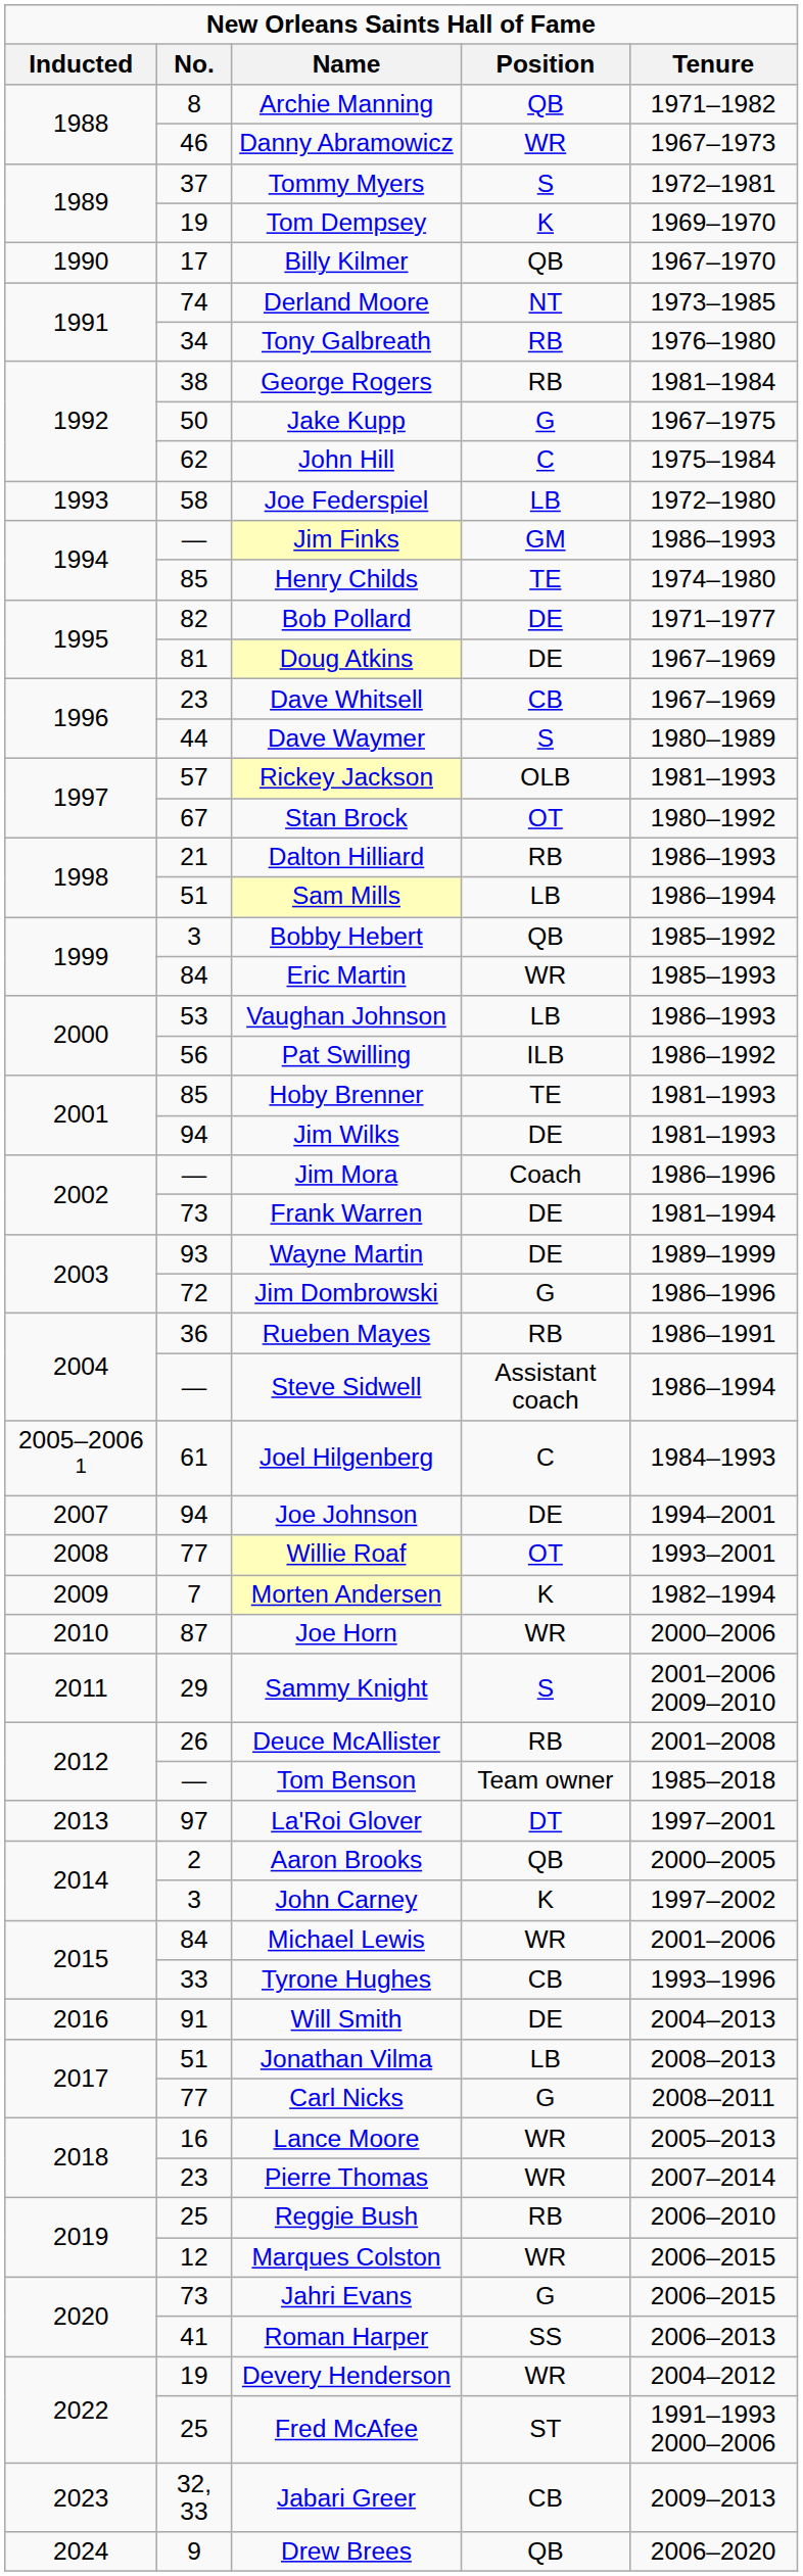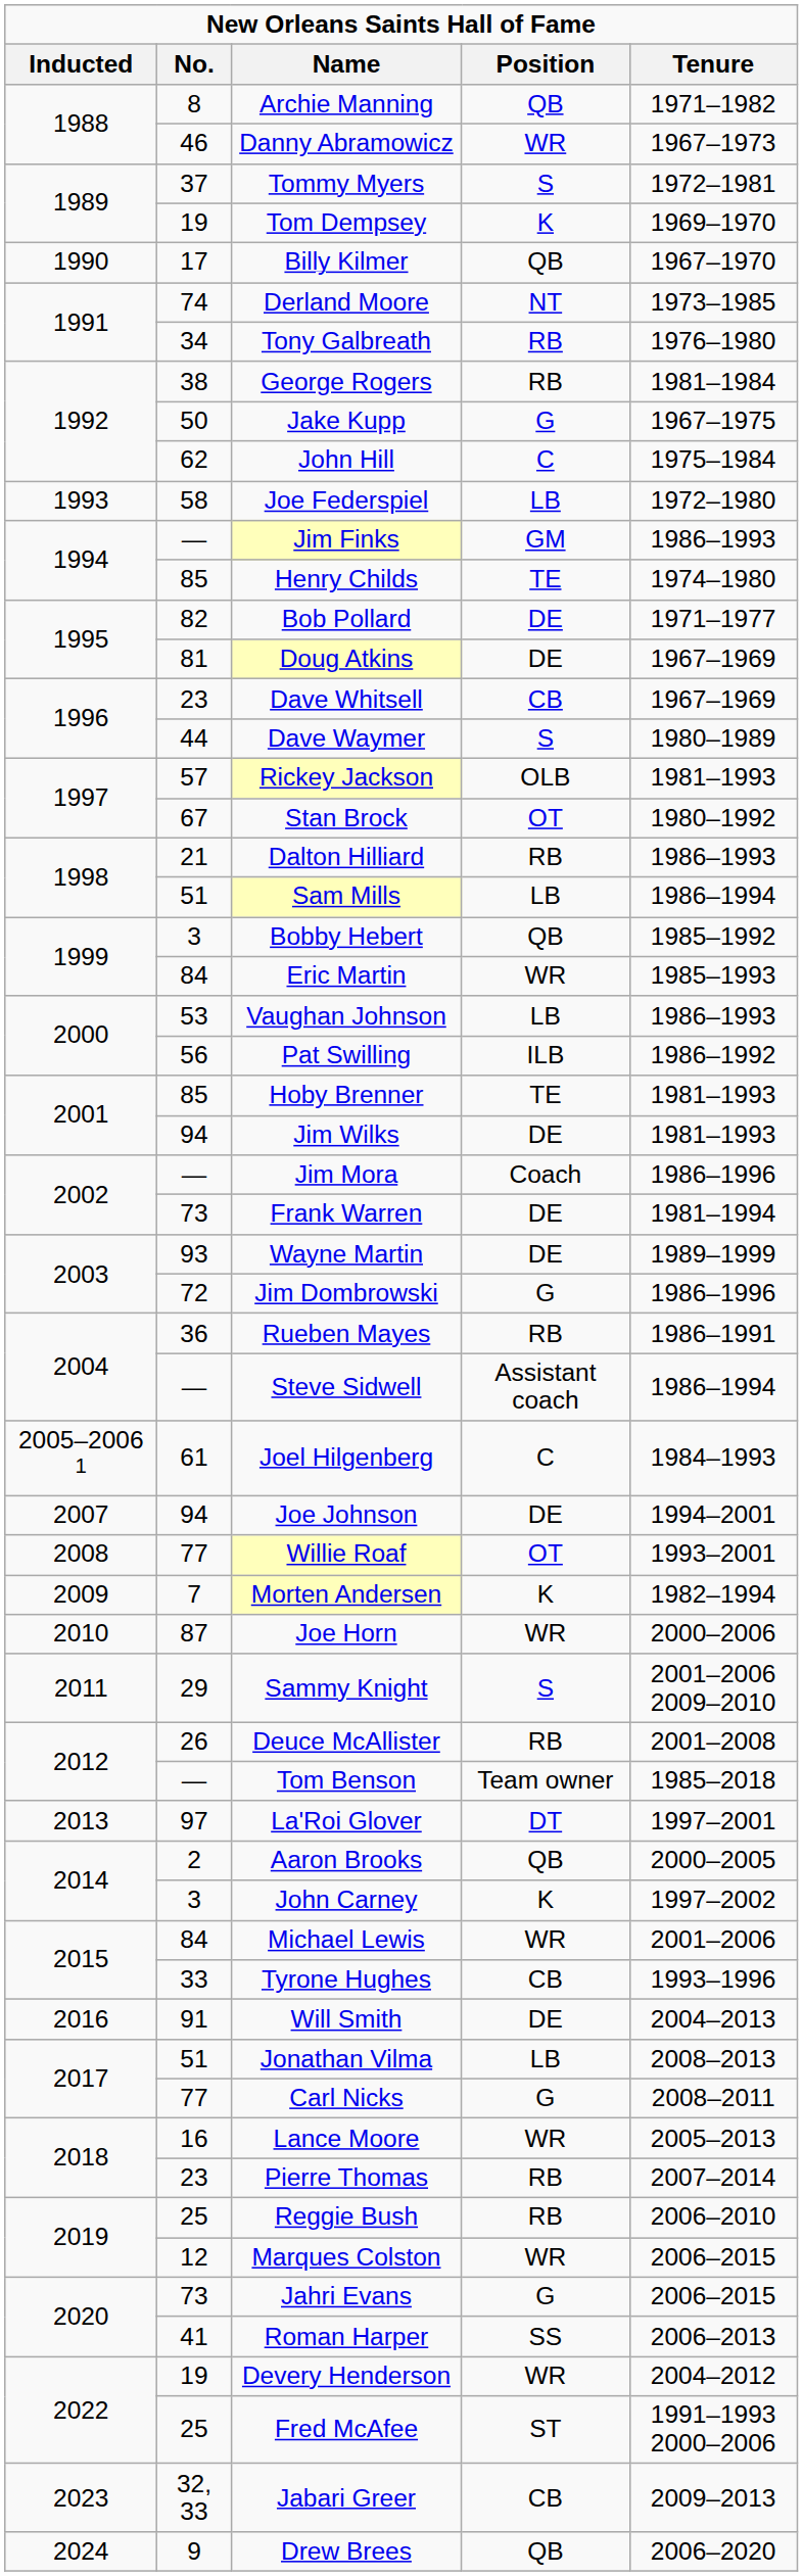 <table class="wikitable" style="text-align:center">
 <tr>
 <td colspan="5"><strong>New Orleans Saints Hall of Fame</strong></td>
 </tr>
 <tr>
 <th width="90">Inducted</th>
 <th width="40">No.</th>
 <th width="140">Name</th>
 <th width="100">Position</th>
 <th width="100">Tenure</th>
 </tr>
 <tr>
 <td rowspan=2>1988</td>
 <td>8</td>
 <td><a href='#'>Archie Manning</a></td>
 <td><a href='#'>QB</a></td>
 <td>1971–1982</td>
 </tr>
 <tr>
 <td>46</td>
 <td><a href='#'>Danny Abramowicz</a></td>
 <td><a href='#'>WR</a></td>
 <td>1967–1973</td>
 </tr>
 <tr>
 <td rowspan=2>1989</td>
 <td>37</td>
 <td><a href='#'>Tommy Myers</a></td>
 <td><a href='#'>S</a></td>
 <td>1972–1981</td>
 </tr>
 <tr>
 <td>19</td>
 <td><a href='#'>Tom Dempsey</a></td>
 <td><a href='#'>K</a></td>
 <td>1969–1970</td>
 </tr>
 <tr>
 <td>1990</td>
 <td>17</td>
 <td><a href='#'>Billy Kilmer</a></td>
 <td>QB</td>
 <td>1967–1970</td>
 </tr>
 <tr>
 <td rowspan=2>1991</td>
 <td>74</td>
 <td><a href='#'>Derland Moore</a></td>
 <td><a href='#'>NT</a></td>
 <td>1973–1985</td>
 </tr>
 <tr>
 <td>34</td>
 <td><a href='#'>Tony Galbreath</a></td>
 <td><a href='#'>RB</a></td>
 <td>1976–1980</td>
 </tr>
 <tr>
 <td rowspan=3>1992</td>
 <td>38</td>
 <td><a href='#'>George Rogers</a></td>
 <td>RB</td>
 <td>1981–1984</td>
 </tr>
 <tr>
 <td>50</td>
 <td><a href='#'>Jake Kupp</a></td>
 <td><a href='#'>G</a></td>
 <td>1967–1975</td>
 </tr>
 <tr>
 <td>62</td>
 <td><a href='#'>John Hill</a></td>
 <td><a href='#'>C</a></td>
 <td>1975–1984</td>
 </tr>
 <tr>
 <td>1993</td>
 <td>58</td>
 <td><a href='#'>Joe Federspiel</a></td>
 <td><a href='#'>LB</a></td>
 <td>1972–1980</td>
 </tr>
 <tr>
 <td rowspan=2>1994</td>
 <td>—</td>
 <td style="background:#ffb"><a href='#'>Jim Finks</a></td>
 <td><a href='#'>GM</a></td>
 <td>1986–1993</td>
 </tr>
 <tr>
 <td>85</td>
 <td><a href='#'>Henry Childs</a></td>
 <td><a href='#'>TE</a></td>
 <td>1974–1980</td>
 </tr>
 <tr>
 <td rowspan=2>1995</td>
 <td>82</td>
 <td><a href='#'>Bob Pollard</a></td>
 <td><a href='#'>DE</a></td>
 <td>1971–1977</td>
 </tr>
 <tr>
 <td>81</td>
 <td style="background:#ffb"><a href='#'>Doug Atkins</a></td>
 <td>DE</td>
 <td>1967–1969</td>
 </tr>
 <tr>
 <td rowspan=2>1996</td>
 <td>23</td>
 <td><a href='#'>Dave Whitsell</a></td>
 <td><a href='#'>CB</a></td>
 <td>1967–1969</td>
 </tr>
 <tr>
 <td>44</td>
 <td><a href='#'>Dave Waymer</a></td>
 <td><a href='#'>S</a></td>
 <td>1980–1989</td>
 </tr>
 <tr>
 <td rowspan=2>1997</td>
 <td>57</td>
 <td style="background:#ffb"><a href='#'>Rickey Jackson</a></td>
 <td>OLB</td>
 <td>1981–1993</td>
 </tr>
 <tr>
 <td>67</td>
 <td><a href='#'>Stan Brock</a></td>
 <td><a href='#'>OT</a></td>
 <td>1980–1992</td>
 </tr>
 <tr>
 <td rowspan=2>1998</td>
 <td>21</td>
 <td><a href='#'>Dalton Hilliard</a></td>
 <td>RB</td>
 <td>1986–1993</td>
 </tr>
 <tr>
 <td>51</td>
 <td style="background:#ffb"><a href='#'>Sam Mills</a></td>
 <td>LB</td>
 <td>1986–1994</td>
 </tr>
 <tr>
 <td rowspan=2>1999</td>
 <td>3</td>
 <td><a href='#'>Bobby Hebert</a></td>
 <td>QB</td>
 <td>1985–1992</td>
 </tr>
 <tr>
 <td>84</td>
 <td><a href='#'>Eric Martin</a></td>
 <td>WR</td>
 <td>1985–1993</td>
 </tr>
 <tr>
 <td rowspan=2>2000</td>
 <td>53</td>
 <td><a href='#'>Vaughan Johnson</a></td>
 <td>LB</td>
 <td>1986–1993</td>
 </tr>
 <tr>
 <td>56</td>
 <td><a href='#'>Pat Swilling</a></td>
 <td>ILB</td>
 <td>1986–1992</td>
 </tr>
 <tr>
 <td rowspan=2>2001</td>
 <td>85</td>
 <td><a href='#'>Hoby Brenner</a></td>
 <td>TE</td>
 <td>1981–1993</td>
 </tr>
 <tr>
 <td>94</td>
 <td><a href='#'>Jim Wilks</a></td>
 <td>DE</td>
 <td>1981–1993</td>
 </tr>
 <tr>
 <td rowspan=2>2002</td>
 <td>—</td>
 <td><a href='#'>Jim Mora</a></td>
 <td>Coach</td>
 <td>1986–1996</td>
 </tr>
 <tr>
 <td>73</td>
 <td><a href='#'>Frank Warren</a></td>
 <td>DE</td>
 <td>1981–1994</td>
 </tr>
 <tr>
 <td rowspan=2>2003</td>
 <td>93</td>
 <td><a href='#'>Wayne Martin</a></td>
 <td>DE</td>
 <td>1989–1999</td>
 </tr>
 <tr>
 <td>72</td>
 <td><a href='#'>Jim Dombrowski</a></td>
 <td>G</td>
 <td>1986–1996</td>
 </tr>
 <tr>
 <td rowspan=2>2004</td>
 <td>36</td>
 <td><a href='#'>Rueben Mayes</a></td>
 <td>RB</td>
 <td>1986–1991</td>
 </tr>
 <tr>
 <td>—</td>
 <td><a href='#'>Steve Sidwell</a></td>
 <td>Assistant coach</td>
 <td>1986–1994</td>
 </tr>
 <tr>
 <td>2005–2006 <sup>1</sup></td>
 <td>61</td>
 <td><a href='#'>Joel Hilgenberg</a></td>
 <td>C</td>
 <td>1984–1993</td>
 </tr>
 <tr>
 <td>2007</td>
 <td>94</td>
 <td><a href='#'>Joe Johnson</a></td>
 <td>DE</td>
 <td>1994–2001</td>
 </tr>
 <tr>
 <td>2008</td>
 <td>77</td>
 <td style="background:#ffb"><a href='#'>Willie Roaf</a></td>
 <td><a href='#'>OT</a></td>
 <td>1993–2001</td>
 </tr>
 <tr>
 <td>2009</td>
 <td>7</td>
 <td style="background:#ffb"><a href='#'>Morten Andersen</a></td>
 <td>K</td>
 <td>1982–1994</td>
 </tr>
 <tr>
 <td>2010</td>
 <td>87</td>
 <td><a href='#'>Joe Horn</a></td>
 <td>WR</td>
 <td>2000–2006</td>
 </tr>
 <tr>
 <td>2011</td>
 <td>29</td>
 <td><a href='#'>Sammy Knight</a></td>
 <td><a href='#'>S</a></td>
 <td>2001–2006<br>2009–2010</td>
 </tr>
 <tr>
 <td rowspan=2>2012</td>
 <td>26</td>
 <td><a href='#'>Deuce McAllister</a></td>
 <td>RB</td>
 <td>2001–2008</td>
 </tr>
 <tr>
 <td>—</td>
 <td><a href='#'>Tom Benson</a></td>
 <td>Team owner</td>
 <td>1985–2018</td>
 </tr>
 <tr>
 <td>2013</td>
 <td>97</td>
 <td><a href='#'>La'Roi Glover</a></td>
 <td><a href='#'>DT</a></td>
 <td>1997–2001</td>
 </tr>
 <tr>
 <td rowspan=2>2014</td>
 <td>2</td>
 <td><a href='#'>Aaron Brooks</a></td>
 <td>QB</td>
 <td>2000–2005</td>
 </tr>
 <tr>
 <td>3</td>
 <td><a href='#'>John Carney</a></td>
 <td>K</td>
 <td>1997–2002</td>
 </tr>
 <tr>
 <td rowspan=2>2015</td>
 <td>84</td>
 <td><a href='#'>Michael Lewis</a></td>
 <td>WR</td>
 <td>2001–2006</td>
 </tr>
 <tr>
 <td>33</td>
 <td><a href='#'>Tyrone Hughes</a></td>
 <td>CB</td>
 <td>1993–1996</td>
 </tr>
 <tr>
 <td>2016</td>
 <td>91</td>
 <td><a href='#'>Will Smith</a></td>
 <td>DE</td>
 <td>2004–2013</td>
 </tr>
 <tr>
 <td rowspan=2>2017</td>
 <td>51</td>
 <td><a href='#'>Jonathan Vilma</a></td>
 <td>LB</td>
 <td>2008–2013</td>
 </tr>
 <tr>
 <td>77</td>
 <td><a href='#'>Carl Nicks</a></td>
 <td>G</td>
 <td>2008–2011</td>
 </tr>
 <tr>
 <td rowspan=2>2018</td>
 <td>16</td>
 <td><a href='#'>Lance Moore</a></td>
 <td>WR</td>
 <td>2005–2013</td>
 </tr>
 <tr>
 <td>23</td>
 <td><a href='#'>Pierre Thomas</a></td>
-<td>WR</td>
+<td>RB</td>
 <td>2007–2014</td>
 </tr>
 <tr>
 <td rowspan=2>2019</td>
 <td>25</td>
 <td><a href='#'>Reggie Bush</a></td>
 <td>RB</td>
 <td>2006–2010</td>
 </tr>
 <tr>
 <td>12</td>
 <td><a href='#'>Marques Colston</a></td>
 <td>WR</td>
 <td>2006–2015</td>
 </tr>
 <tr>
 <td rowspan=2>2020</td>
 <td>73</td>
 <td><a href='#'>Jahri Evans</a></td>
 <td>G</td>
 <td>2006–2015</td>
 </tr>
 <tr>
 <td>41</td>
 <td><a href='#'>Roman Harper</a></td>
 <td>SS</td>
 <td>2006–2013</td>
 </tr>
 <tr>
 <td rowspan=2>2022</td>
 <td>19</td>
 <td><a href='#'>Devery Henderson</a></td>
 <td>WR</td>
 <td>2004–2012</td>
 </tr>
 <tr>
 <td>25</td>
 <td><a href='#'>Fred McAfee</a></td>
 <td>ST</td>
 <td>1991–1993<br>2000–2006</td>
 </tr>
 <tr>
 <td>2023</td>
 <td>32, 33</td>
 <td><a href='#'>Jabari Greer</a></td>
 <td>CB</td>
 <td>2009–2013</td>
 </tr>
 <tr>
 <td>2024</td>
 <td>9</td>
 <td><a href='#'>Drew Brees</a></td>
 <td>QB</td>
 <td>2006–2020</td>
 </tr>
 </table>
